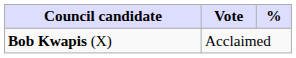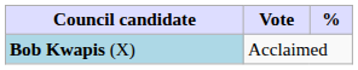 <table class="wikitable">
 <tr>
 <th style="background:#ddf; width:200px;">Council candidate</th>
 <th style="background:#ddf; width:50px;">Vote</th>
 <th style="background:#ddf; width:30px;">%</th>
 </tr>
 <tr>
-<td><strong>Bob Kwapis</strong> (X)</td>
+<td style="background: lightblue;"><strong>Bob Kwapis</strong> (X)</td>
 <td colspan="2">Acclaimed</td>
 </tr>
 </table>
